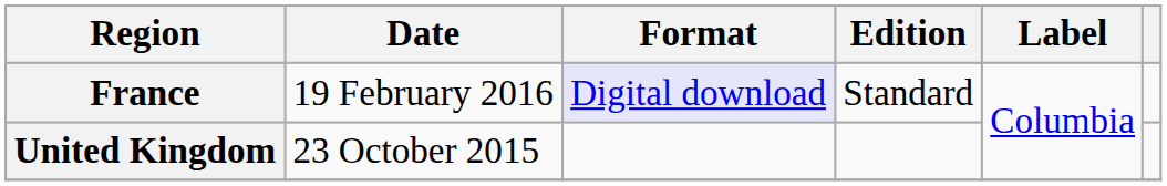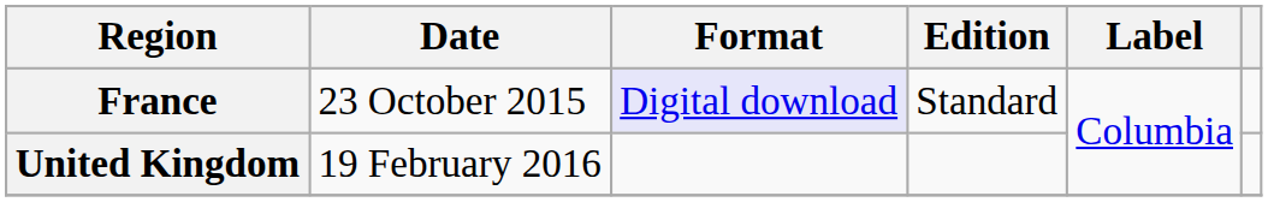 <table class="wikitable plainrowheaders">
 <tr>
 <th scope="col">Region</th>
 <th scope="col">Date</th>
 <th scope="col">Format</th>
 <th scope="col">Edition</th>
 <th scope="col">Label</th>
 <th scope="col"></th>
 </tr>
 <tr>
 <th scope="row">France</th>
-<td>19 February 2016</td>
+<td>23 October 2015</td>
 <td style="background: lavender;"><a href='#'>Digital download</a></td>
 <td>Standard</td>
 <td rowspan="2"><a href='#'>Columbia</a></td>
 <td></td>
 </tr>
 <tr>
 <th scope="row">United Kingdom</th>
-<td>23 October 2015</td>
+<td>19 February 2016</td>
 <td></td>
 <td></td>
 <td></td>
 </tr>
 <tr>
 </tr>
 </table>
